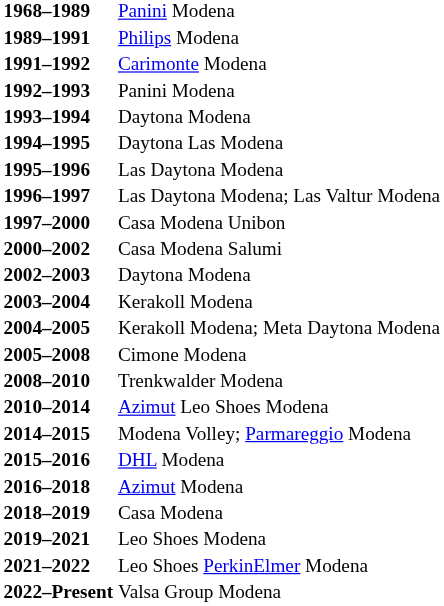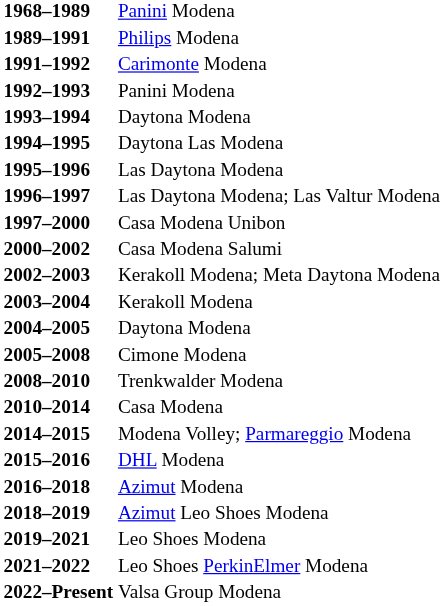 <table>
 <tr>
 <td><strong>1968–1989</strong></td>
 <td><a href='#'>Panini</a> Modena</td>
 </tr>
 <tr>
 <td><strong>1989–1991</strong></td>
 <td><a href='#'>Philips</a> Modena</td>
 </tr>
 <tr>
 <td><strong>1991–1992</strong></td>
 <td><a href='#'>Carimonte</a> Modena</td>
 </tr>
 <tr>
 <td><strong>1992–1993</strong></td>
 <td>Panini Modena</td>
 </tr>
 <tr>
 <td><strong>1993–1994</strong></td>
 <td>Daytona Modena</td>
 </tr>
 <tr>
 <td><strong>1994–1995</strong></td>
 <td>Daytona Las Modena</td>
 </tr>
 <tr>
 <td><strong>1995–1996</strong></td>
 <td>Las Daytona Modena</td>
 </tr>
 <tr>
 <td><strong>1996–1997</strong></td>
 <td>Las Daytona Modena; Las Valtur Modena</td>
 </tr>
 <tr>
 <td><strong>1997–2000</strong></td>
 <td>Casa Modena Unibon</td>
 </tr>
 <tr>
 <td><strong>2000–2002</strong></td>
 <td>Casa Modena Salumi</td>
 </tr>
 <tr>
 <td><strong>2002–2003</strong></td>
-<td>Daytona Modena</td>
+<td>Kerakoll Modena; Meta Daytona Modena</td>
 </tr>
 <tr>
 <td><strong>2003–2004</strong></td>
 <td>Kerakoll Modena</td>
 </tr>
 <tr>
 <td><strong>2004–2005</strong></td>
-<td>Kerakoll Modena; Meta Daytona Modena</td>
+<td>Daytona Modena</td>
 </tr>
 <tr>
 <td><strong>2005–2008</strong></td>
 <td>Cimone Modena</td>
 </tr>
 <tr>
 <td><strong>2008–2010</strong></td>
 <td>Trenkwalder Modena</td>
 </tr>
 <tr>
 <td><strong>2010–2014</strong></td>
-<td><a href='#'>Azimut</a> Leo Shoes Modena</td>
+<td>Casa Modena</td>
 </tr>
 <tr>
 <td><strong>2014–2015</strong></td>
 <td>Modena Volley; <a href='#'>Parmareggio</a> Modena</td>
 </tr>
 <tr>
 <td><strong>2015–2016</strong></td>
 <td><a href='#'>DHL</a> Modena</td>
 </tr>
 <tr>
 <td><strong>2016–2018</strong></td>
 <td><a href='#'>Azimut</a> Modena</td>
 </tr>
 <tr>
 <td><strong>2018–2019</strong></td>
-<td>Casa Modena</td>
+<td><a href='#'>Azimut</a> Leo Shoes Modena</td>
 </tr>
 <tr>
 <td><strong>2019–2021</strong></td>
 <td>Leo Shoes Modena</td>
 </tr>
 <tr>
 <td><strong>2021–2022</strong></td>
 <td>Leo Shoes <a href='#'>PerkinElmer</a> Modena</td>
 </tr>
 <tr>
 <td><strong>2022–Present</strong></td>
 <td>Valsa Group Modena</td>
 </tr>
 </table>
